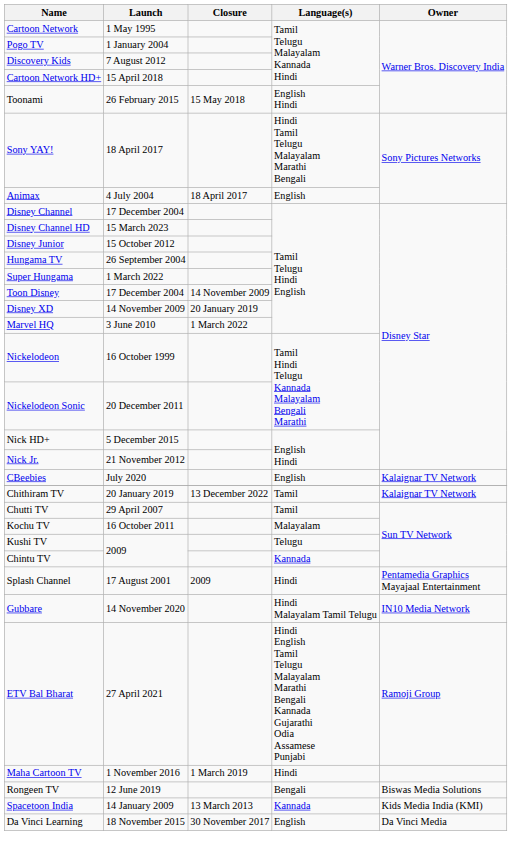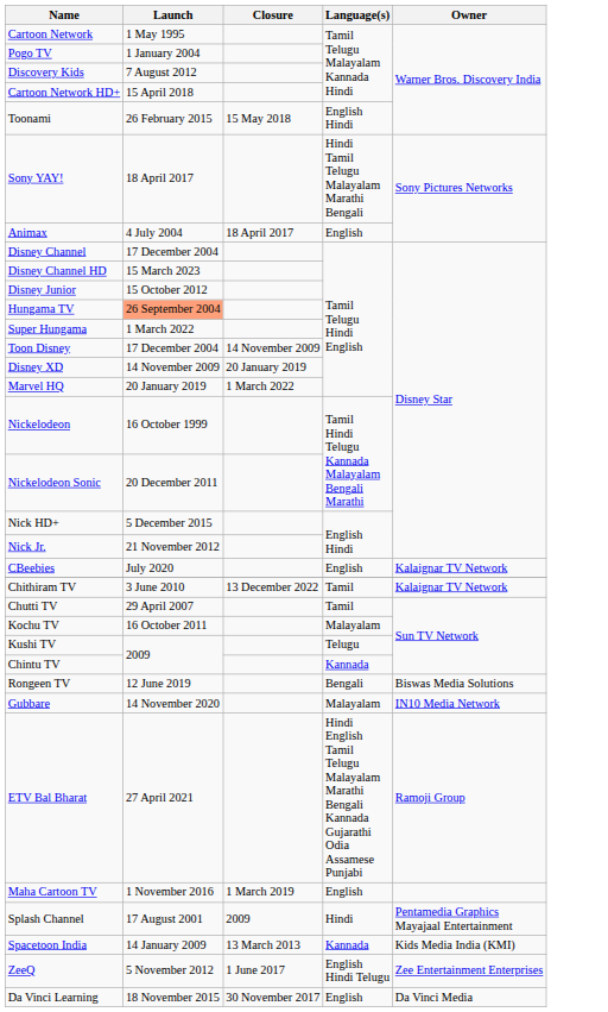 <table class="wikitable sortable">
 <tr>
 <th>Name</th>
 <th>Launch</th>
 <th>Closure</th>
 <th>Language(s)</th>
 <th>Owner</th>
 </tr>
 <tr>
 <td><a href='#'>Cartoon Network</a></td>
 <td>1 May 1995</td>
 <td></td>
 <td rowspan="4">Tamil<br>Telugu<br>Malayalam<br>Kannada<br>Hindi</td>
 <td rowspan="5"><a href='#'>Warner Bros. Discovery India</a></td>
 </tr>
 <tr>
 <td><a href='#'>Pogo TV</a></td>
 <td>1 January 2004</td>
 <td></td>
 </tr>
 <tr>
 <td><a href='#'>Discovery Kids</a></td>
 <td>7 August 2012</td>
 <td></td>
 </tr>
 <tr>
 <td><a href='#'>Cartoon Network HD+</a></td>
 <td>15 April 2018</td>
 <td></td>
 </tr>
 <tr>
 <td>Toonami</td>
 <td>26 February 2015</td>
 <td>15 May 2018</td>
 <td>English<br>Hindi</td>
 </tr>
 <tr>
 <td><a href='#'>Sony YAY!</a></td>
 <td>18 April 2017</td>
 <td></td>
 <td>Hindi<br>Tamil<br>Telugu<br>Malayalam<br>Marathi<br>Bengali</td>
 <td rowspan="2"><a href='#'>Sony Pictures Networks</a></td>
 </tr>
 <tr>
 <td><a href='#'>Animax</a></td>
 <td>4 July 2004</td>
 <td>18 April 2017</td>
 <td>English</td>
 </tr>
 <tr>
 <td><a href='#'>Disney Channel</a></td>
 <td>17 December 2004</td>
 <td></td>
 <td rowspan="8"><br>Tamil<br>Telugu<br>Hindi<br>English</td>
 <td rowspan="12"><a href='#'>Disney Star</a></td>
 </tr>
 <tr>
 <td><a href='#'>Disney Channel HD</a></td>
 <td>15 March 2023</td>
 <td></td>
 </tr>
 <tr>
 <td><a href='#'>Disney Junior</a></td>
 <td>15 October 2012</td>
 <td></td>
 </tr>
 <tr>
 <td><a href='#'>Hungama TV</a></td>
-<td>26 September 2004</td>
+<td style="background: lightsalmon;">26 September 2004</td>
 <td></td>
 </tr>
 <tr>
 <td><a href='#'>Super Hungama</a></td>
 <td>1 March 2022</td>
 <td></td>
 </tr>
 <tr>
 <td><a href='#'>Toon Disney</a></td>
 <td>17 December 2004</td>
 <td>14 November 2009</td>
 </tr>
 <tr>
 <td><a href='#'>Disney XD</a></td>
 <td>14 November 2009</td>
 <td>20 January 2019</td>
 </tr>
 <tr>
 <td><a href='#'>Marvel HQ</a></td>
-<td>3 June 2010</td>
+<td>20 January 2019</td>
 <td>1 March 2022</td>
 </tr>
 <tr>
 <td><a href='#'>Nickelodeon</a></td>
 <td>16 October 1999</td>
 <td></td>
 <td rowspan="2"><br>Tamil<br>Hindi<br>Telugu<br><a href='#'>Kannada</a><br><a href='#'>Malayalam</a><br><a href='#'>Bengali</a><br><a href='#'>Marathi</a></td>
 </tr>
 <tr>
 <td><a href='#'>Nickelodeon Sonic</a></td>
 <td>20 December 2011</td>
 <td></td>
 </tr>
 <tr>
 <td>Nick HD+</td>
 <td>5 December 2015</td>
 <td></td>
 <td rowspan="2"><br>English<br>Hindi</td>
 </tr>
 <tr>
 <td><a href='#'>Nick Jr.</a></td>
 <td>21 November 2012</td>
 </tr>
 <tr>
 <td><a href='#'>CBeebies</a></td>
 <td>July 2020</td>
 <td></td>
 <td>English</td>
 <td><a href='#'>Kalaignar TV Network</a></td>
 </tr>
 <tr>
 </tr>
 <tr>
 <td>Chithiram TV</td>
-<td>20 January 2019</td>
+<td>3 June 2010</td>
 <td>13 December 2022</td>
 <td>Tamil</td>
 <td><a href='#'>Kalaignar TV Network</a></td>
 </tr>
 <tr>
 <td>Chutti TV</td>
 <td>29 April 2007</td>
 <td></td>
 <td>Tamil</td>
 <td rowspan="4"><a href='#'>Sun TV Network</a></td>
 </tr>
 <tr>
 <td>Kochu TV</td>
 <td>16 October 2011</td>
 <td></td>
 <td>Malayalam</td>
 </tr>
 <tr>
 <td>Kushi TV</td>
 <td rowspan="2">2009</td>
 <td></td>
 <td>Telugu</td>
 </tr>
 <tr>
 <td>Chintu TV</td>
 <td></td>
 <td><a href='#'>Kannada</a></td>
 </tr>
 <tr>
-<td>Splash Channel</td>
-<td>17 August 2001</td>
-<td>2009</td>
-<td>Hindi</td>
-<td><a href='#'>Pentamedia Graphics</a><br>Mayajaal Entertainment</td>
+<td>Rongeen TV</td>
+<td>12 June 2019</td>
+<td></td>
+<td>Bengali</td>
+<td>Biswas Media Solutions</td>
 </tr>
 <tr>
 <td><a href='#'>Gubbare</a></td>
 <td>14 November 2020</td>
 <td></td>
-<td>Hindi<br>Malayalam  Tamil Telugu</td>
+<td>Malayalam</td>
 <td><a href='#'>IN10 Media Network</a></td>
 </tr>
 <tr>
 <td><a href='#'>ETV Bal Bharat</a></td>
 <td>27 April 2021</td>
 <td></td>
 <td>Hindi<br>English<br>Tamil<br>Telugu<br>Malayalam<br>Marathi<br>Bengali<br>Kannada<br>Gujarathi<br>Odia<br>Assamese<br>Punjabi</td>
 <td><a href='#'>Ramoji Group</a></td>
 </tr>
 <tr>
 <td><a href='#'>Maha Cartoon TV</a></td>
 <td>1 November 2016</td>
 <td>1 March 2019</td>
-<td>Hindi</td>
+<td>English</td>
 <td></td>
 </tr>
 <tr>
-<td>Rongeen TV</td>
-<td>12 June 2019</td>
-<td></td>
-<td>Bengali</td>
-<td>Biswas Media Solutions</td>
+<td>Splash Channel</td>
+<td>17 August 2001</td>
+<td>2009</td>
+<td>Hindi</td>
+<td><a href='#'>Pentamedia Graphics</a><br>Mayajaal Entertainment</td>
 </tr>
 <tr>
 <td><a href='#'>Spacetoon India</a></td>
 <td>14 January 2009</td>
 <td>13 March 2013</td>
 <td><a href='#'>Kannada</a></td>
 <td>Kids Media India (KMI)</td>
 </tr>
 <tr>
+<td><a href='#'>ZeeQ</a></td>
+<td>5 November 2012</td>
+<td>1 June 2017</td>
+<td>English<br>Hindi  Telugu</td>
+<td><a href='#'>Zee Entertainment Enterprises</a></td>
+</tr>
+<tr>
 <td>Da Vinci Learning</td>
 <td>18 November 2015</td>
 <td>30 November 2017</td>
 <td>English</td>
 <td>Da Vinci Media</td>
 </tr>
 </table>
